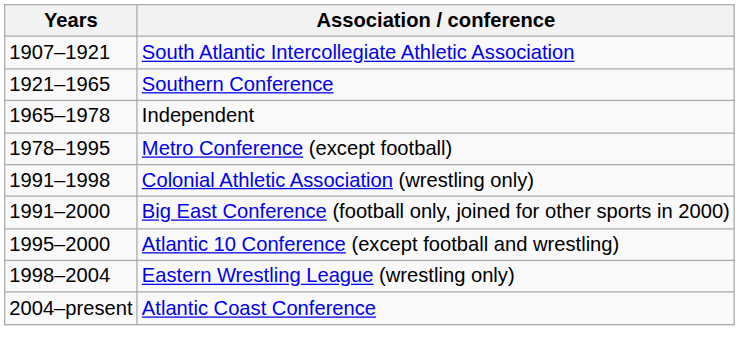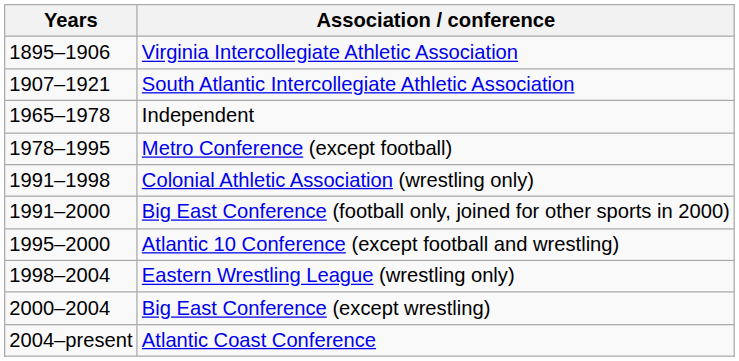 <table class="wikitable" style=" ">
 <tr>
 <th width=px>Years</th>
 <th width=px>Association / conference</th>
 </tr>
 <tr>
+<td>1895–1906</td>
+<td><a href='#'>Virginia Intercollegiate Athletic Association</a></td>
+</tr>
+<tr>
 <td>1907–1921</td>
 <td><a href='#'>South Atlantic Intercollegiate Athletic Association</a></td>
-</tr>
-<tr>
-<td>1921–1965</td>
-<td><a href='#'>Southern Conference</a></td>
 </tr>
 <tr>
 <td>1965–1978</td>
 <td>Independent</td>
 </tr>
 <tr>
 <td>1978–1995</td>
 <td><a href='#'>Metro Conference</a> (except football)</td>
 </tr>
 <tr>
 <td>1991–1998</td>
 <td><a href='#'>Colonial Athletic Association</a> (wrestling only)</td>
 </tr>
 <tr>
 <td>1991–2000</td>
 <td><a href='#'>Big East Conference</a> (football only, joined for other sports in 2000)</td>
 </tr>
 <tr>
 <td>1995–2000</td>
 <td><a href='#'>Atlantic 10 Conference</a> (except football and wrestling)</td>
 </tr>
 <tr>
 <td>1998–2004</td>
 <td><a href='#'>Eastern Wrestling League</a> (wrestling only)</td>
 </tr>
 <tr>
+<td>2000–2004</td>
+<td><a href='#'>Big East Conference</a> (except wrestling)</td>
+</tr>
+<tr>
 <td>2004–present</td>
 <td><a href='#'>Atlantic Coast Conference</a></td>
 </tr>
 </table>
